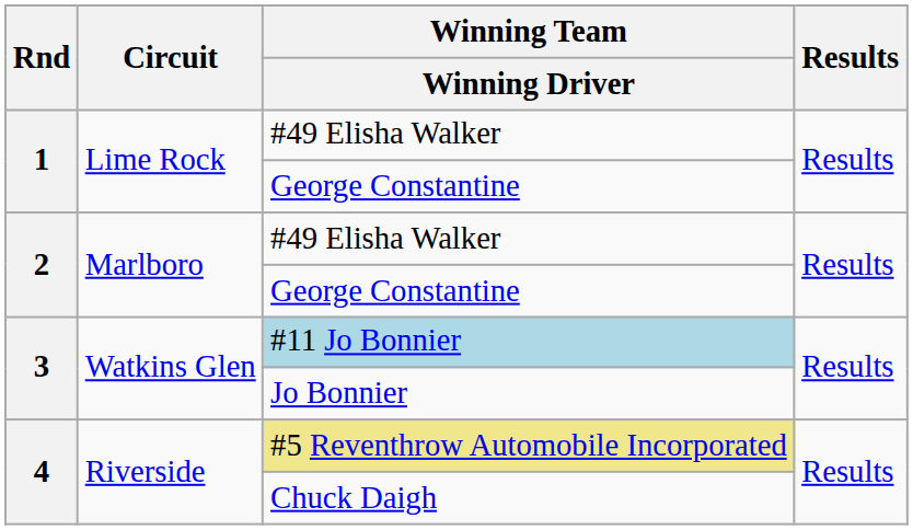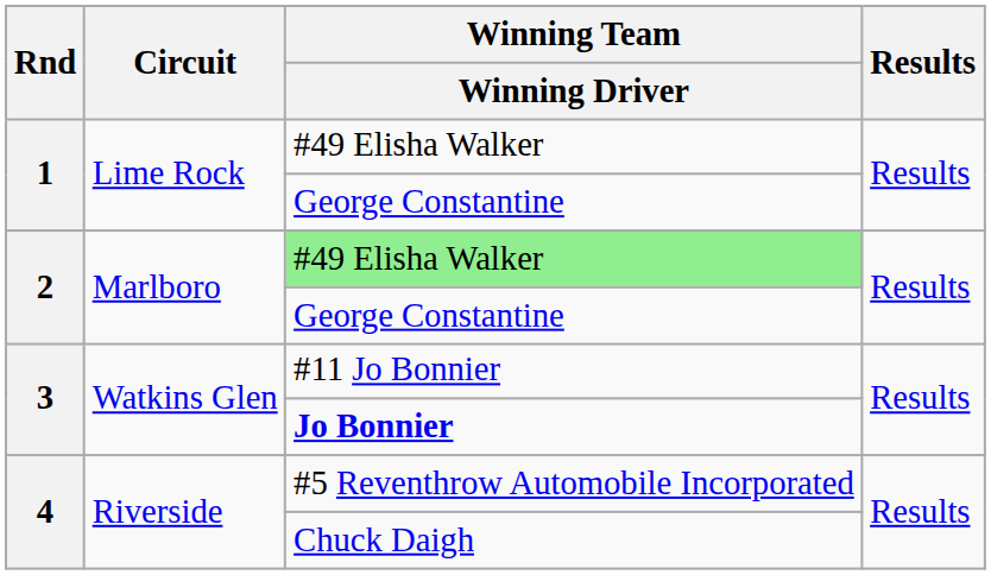 <table class="wikitable" style="font-size: 90%;">
 <tr>
 <th rowspan=2>Rnd</th>
 <th rowspan=2>Circuit</th>
 <th>Winning Team</th>
 <th rowspan=2>Results</th>
 </tr>
 <tr>
 <th>Winning Driver</th>
 </tr>
 <tr>
 <th rowspan=2>1</th>
 <td rowspan=2><a href='#'>Lime Rock</a></td>
 <td>#49 Elisha Walker</td>
 <td rowspan=2><a href='#'>Results</a></td>
 </tr>
 <tr>
 <td> <a href='#'>George Constantine</a></td>
 </tr>
 <tr>
 <th rowspan=2>2</th>
 <td rowspan=2><a href='#'>Marlboro</a></td>
-<td>#49 Elisha Walker</td>
+<td style="background: lightgreen;">#49 Elisha Walker</td>
 <td rowspan=2><a href='#'>Results</a></td>
 </tr>
 <tr>
 <td> <a href='#'>George Constantine</a></td>
 </tr>
 <tr>
 <th rowspan=2>3</th>
 <td rowspan=2><a href='#'>Watkins Glen</a></td>
-<td style="background: lightblue;">#11 <a href='#'>Jo Bonnier</a></td>
+<td>#11 <a href='#'>Jo Bonnier</a></td>
 <td rowspan=2><a href='#'>Results</a></td>
 </tr>
 <tr>
-<td> <a href='#'>Jo Bonnier</a></td>
+<td><strong> <a href='#'>Jo Bonnier</a></strong></td>
 </tr>
 <tr>
 <th rowspan=2>4</th>
 <td rowspan=2><a href='#'>Riverside</a></td>
-<td style="background: khaki;">#5 <a href='#'>Reventhrow Automobile Incorporated</a></td>
+<td>#5 <a href='#'>Reventhrow Automobile Incorporated</a></td>
 <td rowspan=2><a href='#'>Results</a></td>
 </tr>
 <tr>
 <td> <a href='#'>Chuck Daigh</a></td>
 </tr>
 </table>
